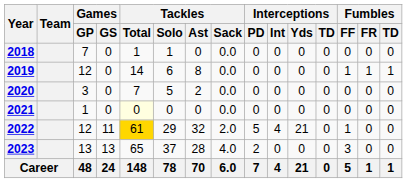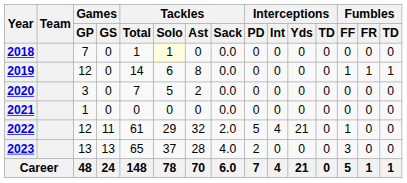 <table class="wikitable" style="text-align:center;">
 <tr>
 <th rowspan="2">Year</th>
 <th rowspan="2">Team</th>
 <th colspan="2">Games</th>
 <th colspan="4">Tackles</th>
 <th colspan="4">Interceptions</th>
 <th colspan="3">Fumbles</th>
 </tr>
 <tr>
 <th>GP</th>
 <th>GS</th>
 <th>Total</th>
 <th>Solo</th>
 <th>Ast</th>
 <th>Sack</th>
 <th>PD</th>
 <th>Int</th>
 <th>Yds</th>
 <th>TD</th>
 <th>FF</th>
 <th>FR</th>
 <th>TD</th>
 </tr>
 <tr>
 <th><a href='#'>2018</a></th>
 <th><a href='#'></a></th>
 <td>7</td>
 <td>0</td>
 <td>1</td>
-<td>1</td>
+<td style="background: lightyellow;">1</td>
 <td>0</td>
 <td>0.0</td>
 <td>0</td>
 <td>0</td>
 <td>0</td>
 <td>0</td>
 <td>0</td>
 <td>0</td>
 <td>0</td>
 </tr>
 <tr>
 <th><a href='#'>2019</a></th>
 <th><a href='#'></a></th>
 <td>12</td>
 <td>0</td>
 <td>14</td>
 <td>6</td>
 <td>8</td>
 <td>0.0</td>
 <td>0</td>
 <td>0</td>
 <td>0</td>
 <td>0</td>
 <td>1</td>
 <td>1</td>
 <td>1</td>
 </tr>
 <tr>
 <th><a href='#'>2020</a></th>
 <th><a href='#'></a></th>
 <td>3</td>
 <td>0</td>
 <td>7</td>
 <td>5</td>
 <td>2</td>
 <td>0.0</td>
 <td>0</td>
 <td>0</td>
 <td>0</td>
 <td>0</td>
 <td>0</td>
 <td>0</td>
 <td>0</td>
 </tr>
 <tr>
 <th><a href='#'>2021</a></th>
 <th><a href='#'></a></th>
 <td>1</td>
 <td>0</td>
-<td style="background: lightyellow;">0</td>
+<td>0</td>
 <td>0</td>
 <td>0</td>
 <td>0.0</td>
 <td>0</td>
 <td>0</td>
 <td>0</td>
 <td>0</td>
 <td>0</td>
 <td>0</td>
 <td>0</td>
 </tr>
 <tr>
 <th><a href='#'>2022</a></th>
 <th><a href='#'></a></th>
 <td>12</td>
 <td>11</td>
-<td style="background: gold;">61</td>
+<td>61</td>
 <td>29</td>
 <td>32</td>
 <td>2.0</td>
 <td>5</td>
 <td>4</td>
 <td>21</td>
 <td>0</td>
 <td>1</td>
 <td>0</td>
 <td>0</td>
 </tr>
 <tr>
 <th><a href='#'>2023</a></th>
 <th><a href='#'></a></th>
 <td>13</td>
 <td>13</td>
 <td>65</td>
 <td>37</td>
 <td>28</td>
 <td>4.0</td>
 <td>2</td>
 <td>0</td>
 <td>0</td>
 <td>0</td>
 <td>3</td>
 <td>0</td>
 <td>0</td>
 </tr>
 <tr>
 <th align=center colspan="2">Career</th>
 <th>48</th>
 <th>24</th>
 <th>148</th>
 <th>78</th>
 <th>70</th>
 <th>6.0</th>
 <th>7</th>
 <th>4</th>
 <th>21</th>
 <th>0</th>
 <th>5</th>
 <th>1</th>
 <th>1</th>
 </tr>
 </table>
